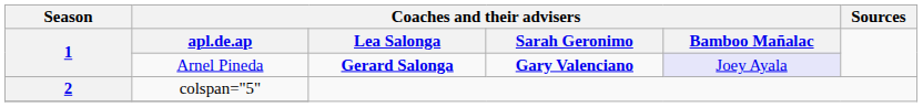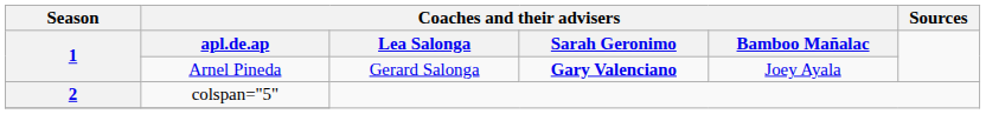 <table class="wikitable" style="text-align:center; line-height:16px; width:70%;">
 <tr>
 <th style="width:10%;">Season</th>
 <th colspan="4" style="width:50%;">Coaches and their advisers</th>
 <th style="width:04%;">Sources</th>
 </tr>
 <tr>
 <th rowspan="2" scope="col"><a href='#'><span>1</span><span></span></a></th>
 <th style="width:14%;"><a href='#'>apl.de.ap</a></th>
 <th style="width:14%;"><a href='#'>Lea Salonga</a></th>
 <th style="width:14%;"><a href='#'>Sarah Geronimo</a></th>
 <th style="width:14%;"><a href='#'>Bamboo Mañalac</a></th>
 <td rowspan="2"><br></td>
 </tr>
 <tr>
 <td><a href='#'>Arnel Pineda</a></td>
-<td><strong><a href='#'>Gerard Salonga</a></strong></td>
+<td><a href='#'>Gerard Salonga</a></td>
 <td><strong><a href='#'>Gary Valenciano</a></strong></td>
-<td style="background: lavender;"><a href='#'>Joey Ayala</a></td>
+<td><a href='#'>Joey Ayala</a></td>
 </tr>
 <tr>
 <th><a href='#'><span>2</span><span></span></a></th>
 <td>colspan="5" </td>
 </tr>
 <tr>
 </tr>
 </table>
